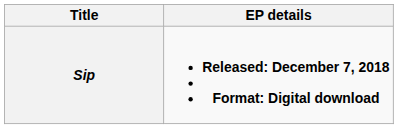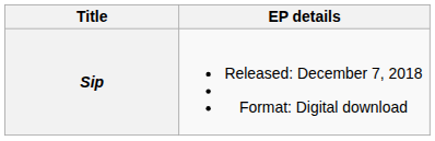 <table class="wikitable plainrowheaders" style="text-align:center;">
 <tr>
 <th scope="col" style="width:11em;">Title</th>
 <th scope="col" style="width:16em;">EP details</th>
 </tr>
 <tr>
 <th scope="row"><em>Sip</em></th>
-<td><strong><br><ul><li>Released: December 7, 2018</li><li></li><li>Format: Digital download</li></ul></strong></td>
+<td><br><ul><li>Released: December 7, 2018</li><li></li><li>Format: Digital download</li></ul></td>
 </tr>
 </table>
